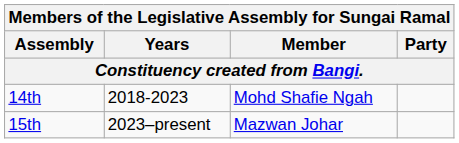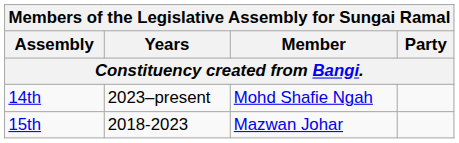 <table class=wikitable>
 <tr>
 <th colspan=4>Members of the Legislative Assembly for Sungai Ramal</th>
 </tr>
 <tr>
 <th>Assembly</th>
 <th>Years</th>
 <th>Member</th>
 <th>Party</th>
 </tr>
 <tr>
 <th colspan="4" align="center"><em>Constituency created from <a href='#'>Bangi</a>.</em></th>
 </tr>
 <tr>
 <td><a href='#'>14th</a></td>
-<td>2018-2023</td>
+<td>2023–present</td>
 <td><a href='#'>Mohd Shafie Ngah</a></td>
 <td></td>
 </tr>
 <tr>
 <td><a href='#'>15th</a></td>
-<td>2023–present</td>
+<td>2018-2023</td>
 <td><a href='#'>Mazwan Johar</a></td>
 <td></td>
 </tr>
 </table>
